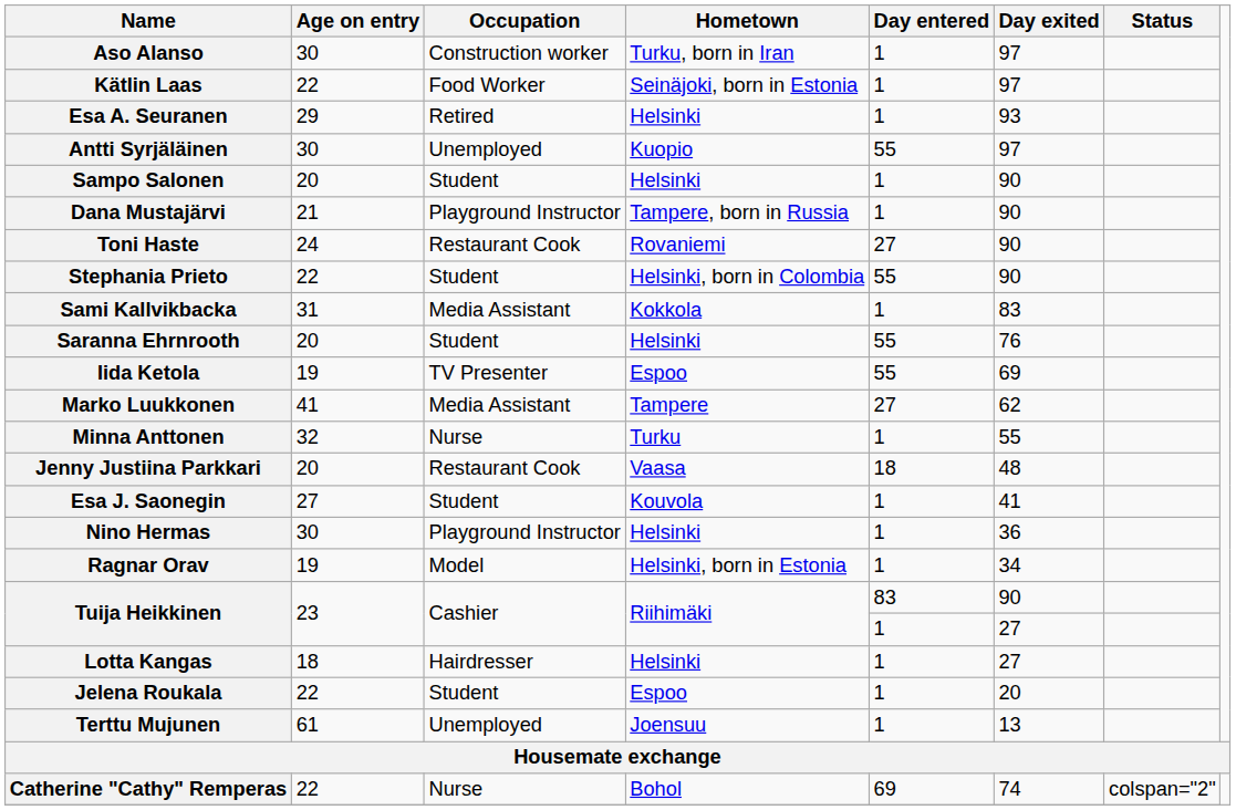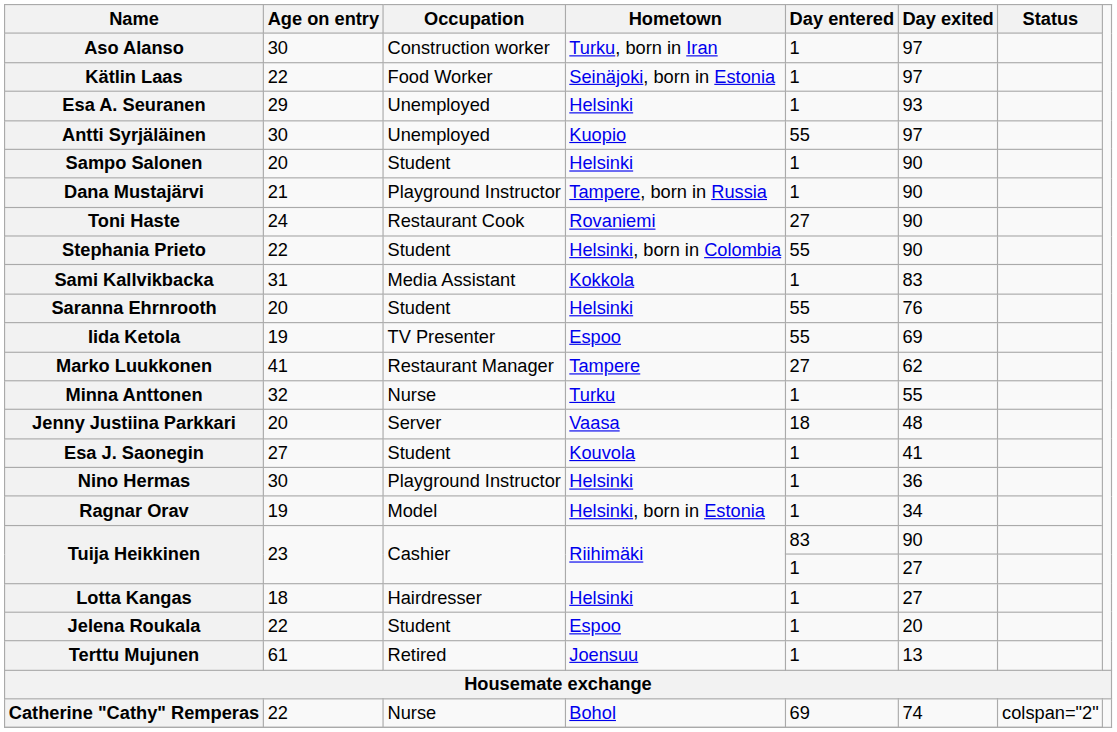 <table class="wikitable sortable">
 <tr>
 <th>Name</th>
 <th>Age on entry</th>
 <th>Occupation</th>
 <th>Hometown</th>
 <th>Day entered</th>
 <th>Day exited</th>
 <th>Status</th>
 <td rowspan="23" class="unsortable"></td>
 </tr>
 <tr>
 <th>Aso Alanso</th>
 <td>30</td>
 <td>Construction worker</td>
 <td><a href='#'>Turku</a>, born in <a href='#'>Iran</a></td>
 <td>1</td>
 <td>97</td>
 <td></td>
 </tr>
 <tr>
 <th>Kätlin Laas</th>
 <td>22</td>
 <td>Food Worker</td>
 <td><a href='#'>Seinäjoki</a>, born in <a href='#'>Estonia</a></td>
 <td>1</td>
 <td>97</td>
 <td></td>
 </tr>
 <tr>
 <th>Esa A. Seuranen</th>
 <td>29</td>
-<td>Retired</td>
+<td>Unemployed</td>
 <td><a href='#'>Helsinki</a></td>
 <td>1</td>
 <td>93</td>
 <td></td>
 </tr>
 <tr>
 <th>Antti Syrjäläinen</th>
 <td>30</td>
 <td>Unemployed</td>
 <td><a href='#'>Kuopio</a></td>
 <td>55</td>
 <td>97</td>
 <td></td>
 </tr>
 <tr>
 <th>Sampo Salonen</th>
 <td>20</td>
 <td>Student</td>
 <td><a href='#'>Helsinki</a></td>
 <td>1</td>
 <td>90</td>
 <td></td>
 </tr>
 <tr>
 <th>Dana Mustajärvi</th>
 <td>21</td>
 <td>Playground Instructor</td>
 <td><a href='#'>Tampere</a>, born in <a href='#'>Russia</a></td>
 <td>1</td>
 <td>90</td>
 <td></td>
 </tr>
 <tr>
 <th>Toni Haste</th>
 <td>24</td>
 <td>Restaurant Cook</td>
 <td><a href='#'>Rovaniemi</a></td>
 <td>27</td>
 <td>90</td>
 <td></td>
 </tr>
 <tr>
 <th>Stephania Prieto</th>
 <td>22</td>
 <td>Student</td>
 <td><a href='#'>Helsinki</a>, born in <a href='#'>Colombia</a></td>
 <td>55</td>
 <td>90</td>
 <td></td>
 </tr>
 <tr>
 <th>Sami Kallvikbacka</th>
 <td>31</td>
 <td>Media Assistant</td>
 <td><a href='#'>Kokkola</a></td>
 <td>1</td>
 <td>83</td>
 <td></td>
 </tr>
 <tr>
 <th>Saranna Ehrnrooth</th>
 <td>20</td>
 <td>Student</td>
 <td><a href='#'>Helsinki</a></td>
 <td>55</td>
 <td>76</td>
 <td></td>
 </tr>
 <tr>
 <th>Iida Ketola</th>
 <td>19</td>
 <td>TV Presenter</td>
 <td><a href='#'>Espoo</a></td>
 <td>55</td>
 <td>69</td>
 <td></td>
 </tr>
 <tr>
 <th>Marko Luukkonen</th>
 <td>41</td>
-<td>Media Assistant</td>
+<td>Restaurant Manager</td>
 <td><a href='#'>Tampere</a></td>
 <td>27</td>
 <td>62</td>
 <td></td>
 </tr>
 <tr>
 <th>Minna Anttonen</th>
 <td>32</td>
 <td>Nurse</td>
 <td><a href='#'>Turku</a></td>
 <td>1</td>
 <td>55</td>
 <td></td>
 </tr>
 <tr>
 <th>Jenny Justiina Parkkari</th>
 <td>20</td>
-<td>Restaurant Cook</td>
+<td>Server</td>
 <td><a href='#'>Vaasa</a></td>
 <td>18</td>
 <td>48</td>
 <td></td>
 </tr>
 <tr>
 <th>Esa J. Saonegin</th>
 <td>27</td>
 <td>Student</td>
 <td><a href='#'>Kouvola</a></td>
 <td>1</td>
 <td>41</td>
 <td></td>
 </tr>
 <tr>
 <th>Nino Hermas</th>
 <td>30</td>
 <td>Playground Instructor</td>
 <td><a href='#'>Helsinki</a></td>
 <td>1</td>
 <td>36</td>
 <td></td>
 </tr>
 <tr>
 <th>Ragnar Orav</th>
 <td>19</td>
 <td>Model</td>
 <td><a href='#'>Helsinki</a>, born in <a href='#'>Estonia</a></td>
 <td>1</td>
 <td>34</td>
 <td></td>
 </tr>
 <tr>
 <th rowspan="2">Tuija Heikkinen</th>
 <td rowspan="2">23</td>
 <td rowspan="2">Cashier</td>
 <td rowspan="2"><a href='#'>Riihimäki</a></td>
 <td>83</td>
 <td>90</td>
 <td></td>
 </tr>
 <tr>
 <td>1</td>
 <td>27</td>
 <td></td>
 </tr>
 <tr>
 <th>Lotta Kangas</th>
 <td>18</td>
 <td>Hairdresser</td>
 <td><a href='#'>Helsinki</a></td>
 <td>1</td>
 <td>27</td>
 <td></td>
 </tr>
 <tr>
 <th>Jelena Roukala</th>
 <td>22</td>
 <td>Student</td>
 <td><a href='#'>Espoo</a></td>
 <td>1</td>
 <td>20</td>
 <td></td>
 </tr>
 <tr>
 <th>Terttu Mujunen</th>
 <td>61</td>
-<td>Unemployed</td>
+<td>Retired</td>
 <td><a href='#'>Joensuu</a></td>
 <td>1</td>
 <td>13</td>
 <td></td>
 </tr>
 <tr>
 <th colspan="8">Housemate exchange</th>
 </tr>
 <tr>
 <th>Catherine "Cathy" Remperas</th>
 <td>22</td>
 <td>Nurse</td>
 <td><a href='#'>Bohol</a></td>
 <td>69</td>
 <td>74</td>
 <td>colspan="2" </td>
 </tr>
 <tr>
 </tr>
 </table>
